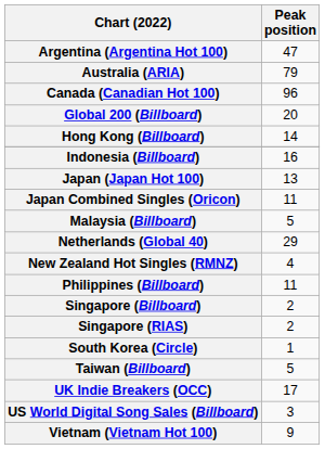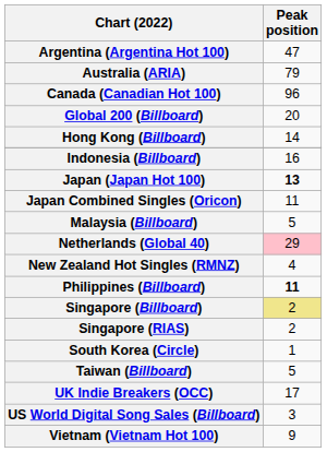 <table class="wikitable sortable plainrowheaders" style="text-align:center">
 <tr>
 <th scope="col">Chart (2022)</th>
 <th scope="col">Peak<br>position</th>
 </tr>
 <tr>
 <th scope="row">Argentina (<a href='#'>Argentina Hot 100</a>)</th>
 <td>47</td>
 </tr>
 <tr>
 <th scope="row">Australia (<a href='#'>ARIA</a>)</th>
 <td>79</td>
 </tr>
 <tr>
 <th scope="row">Canada (<a href='#'>Canadian Hot 100</a>)</th>
 <td>96</td>
 </tr>
 <tr>
 <th scope="row"><a href='#'>Global 200</a> (<em><a href='#'>Billboard</a></em>)</th>
 <td>20</td>
 </tr>
 <tr>
 <th scope="row">Hong Kong (<em><a href='#'>Billboard</a></em>)</th>
 <td>14</td>
 </tr>
 <tr>
 </tr>
 <tr>
 <th scope="row">Indonesia (<em><a href='#'>Billboard</a></em>)</th>
 <td>16</td>
 </tr>
 <tr>
 <th scope="row">Japan (<a href='#'>Japan Hot 100</a>)</th>
-<td>13</td>
+<td><strong>13</strong></td>
 </tr>
 <tr>
 <th scope="row">Japan Combined Singles (<a href='#'>Oricon</a>)</th>
 <td>11</td>
 </tr>
 <tr>
 <th scope="row">Malaysia (<em><a href='#'>Billboard</a></em>)</th>
 <td>5</td>
 </tr>
 <tr>
 <th scope="row">Netherlands (<a href='#'>Global 40</a>)</th>
-<td>29</td>
+<td style="background: pink;">29</td>
 </tr>
 <tr>
 <th scope="row">New Zealand Hot Singles (<a href='#'>RMNZ</a>)</th>
 <td>4</td>
 </tr>
 <tr>
 <th scope="row">Philippines (<em><a href='#'>Billboard</a></em>)</th>
-<td>11</td>
+<td><strong>11</strong></td>
 </tr>
 <tr>
 <th scope="row">Singapore (<em><a href='#'>Billboard</a></em>)</th>
-<td>2</td>
+<td style="background: khaki;">2</td>
 </tr>
 <tr>
 <th scope="row">Singapore (<a href='#'>RIAS</a>)</th>
 <td>2</td>
 </tr>
 <tr>
 <th scope="row">South Korea (<a href='#'>Circle</a>)</th>
 <td>1</td>
 </tr>
 <tr>
 <th scope="row">Taiwan (<em><a href='#'>Billboard</a></em>)</th>
 <td>5</td>
 </tr>
 <tr>
 <th scope="row"><a href='#'>UK Indie Breakers</a> (<a href='#'>OCC</a>)</th>
 <td>17</td>
 </tr>
 <tr>
 <th scope="row">US <a href='#'>World Digital Song Sales</a> (<em><a href='#'>Billboard</a></em>)</th>
 <td>3</td>
 </tr>
 <tr>
 <th scope="row">Vietnam (<a href='#'>Vietnam Hot 100</a>)</th>
 <td>9</td>
 </tr>
 </table>
